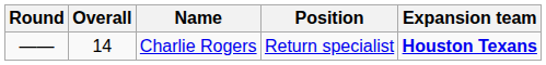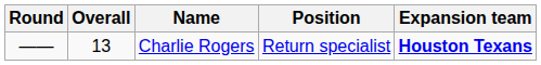 <table class="wikitable" style="text-align:center">
 <tr>
 <th>Round</th>
 <th>Overall</th>
 <th>Name</th>
 <th>Position</th>
 <th>Expansion team</th>
 </tr>
 <tr>
 <td>——</td>
-<td>14</td>
+<td>13</td>
 <td><a href='#'>Charlie Rogers</a></td>
 <td><a href='#'>Return specialist</a></td>
 <td><strong><a href='#'>Houston Texans</a></strong></td>
 </tr>
 </table>
